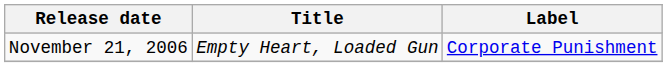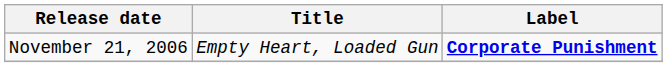 <table class="wikitable">
 <tr>
 <th>Release date</th>
 <th>Title</th>
 <th>Label</th>
 </tr>
 <tr>
 <td>November 21, 2006</td>
 <td><em>Empty Heart, Loaded Gun</em></td>
-<td><a href='#'>Corporate Punishment</a></td>
+<td><strong><a href='#'>Corporate Punishment</a></strong></td>
 </tr>
 <tr>
 </tr>
 </table>
